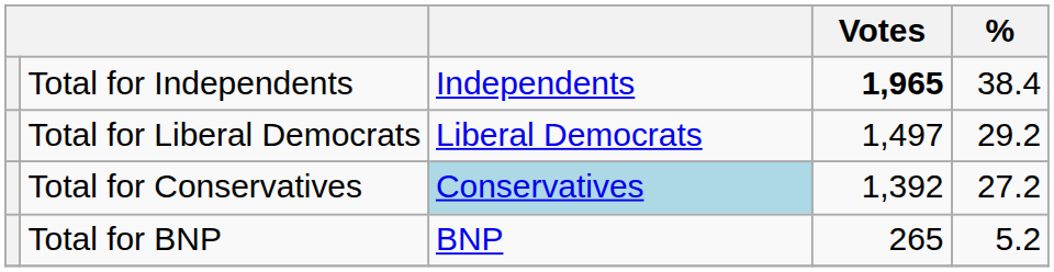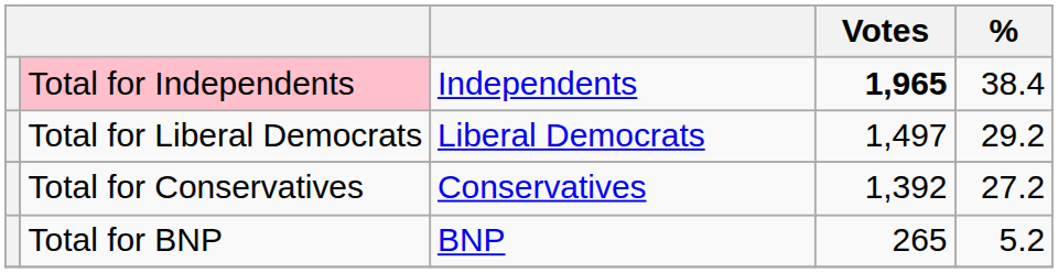 <table class="wikitable">
 <tr>
 <th valign=top colspan="2" style="width: 180px"></th>
 <th valign=top style="width: 180px"></th>
 <th valign=top style="width: 60px">Votes</th>
 <th valign=top style="width: 40px">%</th>
 </tr>
 <tr>
 <th style="background-color: "></th>
-<td>Total for Independents</td>
+<td style="background: pink;">Total for Independents</td>
 <td><a href='#'>Independents</a></td>
 <td align="right"><strong>1,965</strong></td>
 <td align="right">38.4</td>
 </tr>
 <tr>
 <th style="background-color: "></th>
 <td>Total for Liberal Democrats</td>
 <td><a href='#'>Liberal Democrats</a></td>
 <td align="right">1,497</td>
 <td align="right">29.2</td>
 </tr>
 <tr>
 <th style="background-color: "></th>
 <td>Total for Conservatives</td>
-<td style="background: lightblue;"><a href='#'>Conservatives</a></td>
+<td><a href='#'>Conservatives</a></td>
 <td align="right">1,392</td>
 <td align="right">27.2</td>
 </tr>
 <tr>
 <th style="background-color: "></th>
 <td>Total for BNP</td>
 <td><a href='#'>BNP</a></td>
 <td align="right">265</td>
 <td align="right">5.2</td>
 </tr>
 <tr>
 </tr>
 </table>
